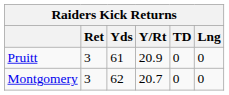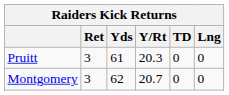 <table class="wikitable">
 <tr>
 <th colspan="6">Raiders Kick Returns</th>
 </tr>
 <tr>
 <th></th>
 <th>Ret</th>
 <th>Yds</th>
 <th>Y/Rt</th>
 <th>TD</th>
 <th>Lng</th>
 </tr>
 <tr>
 <td><a href='#'>Pruitt</a></td>
 <td>3</td>
 <td>61</td>
-<td>20.9</td>
+<td>20.3</td>
 <td>0</td>
 <td>0</td>
 </tr>
 <tr>
 <td><a href='#'>Montgomery</a></td>
 <td>3</td>
 <td>62</td>
 <td>20.7</td>
 <td>0</td>
 <td>0</td>
 </tr>
 </table>
